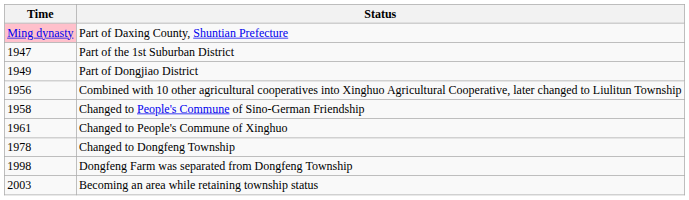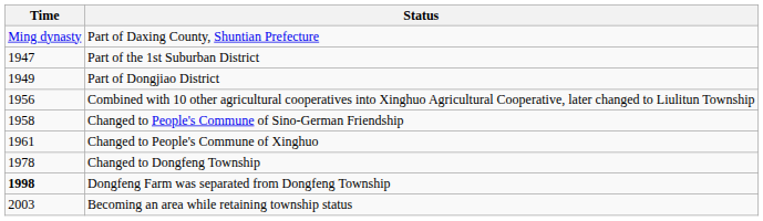 <table class="wikitable">
 <tr>
 <th>Time</th>
 <th>Status</th>
 </tr>
 <tr>
-<td style="background: pink;"><a href='#'>Ming dynasty</a></td>
+<td><a href='#'>Ming dynasty</a></td>
 <td>Part of Daxing County, <a href='#'>Shuntian Prefecture</a></td>
 </tr>
 <tr>
 <td>1947</td>
 <td>Part of the 1st Suburban District</td>
 </tr>
 <tr>
 <td>1949</td>
 <td>Part of Dongjiao District</td>
 </tr>
 <tr>
 <td>1956</td>
 <td>Combined with 10 other agricultural cooperatives into Xinghuo Agricultural Cooperative, later changed to Liulitun Township</td>
 </tr>
 <tr>
 <td>1958</td>
 <td>Changed to <a href='#'>People's Commune</a> of Sino-German Friendship</td>
 </tr>
 <tr>
 <td>1961</td>
 <td>Changed to People's Commune of Xinghuo</td>
 </tr>
 <tr>
 <td>1978</td>
 <td>Changed to Dongfeng Township</td>
 </tr>
 <tr>
-<td>1998</td>
+<td><strong>1998</strong></td>
 <td>Dongfeng Farm was separated from Dongfeng Township</td>
 </tr>
 <tr>
 <td>2003</td>
 <td>Becoming an area while retaining township status</td>
 </tr>
 </table>
